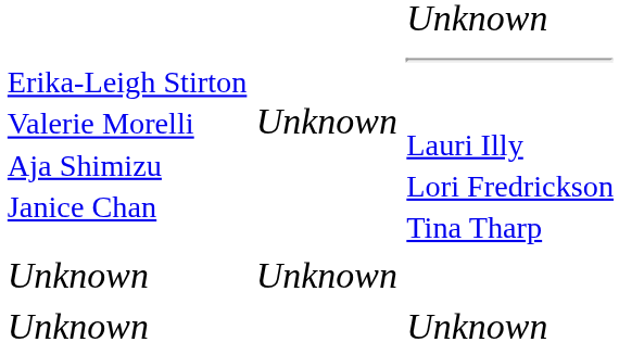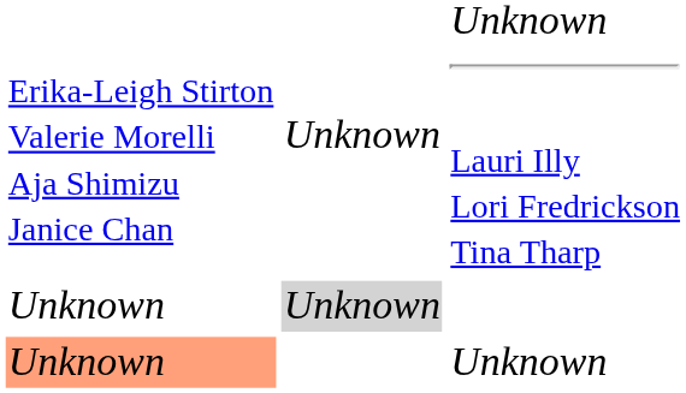 <table>
 <tr>
 <th scope=row style="text-align:left"></th>
 <td><br><small><a href='#'>Erika-Leigh Stirton</a><br><a href='#'>Valerie Morelli</a><br><a href='#'>Aja Shimizu</a><br><a href='#'>Janice Chan</a></small></td>
 <td><em>Unknown</em></td>
 <td><em>Unknown</em><hr><br><small><a href='#'>Lauri Illy</a><br><a href='#'>Lori Fredrickson</a><br><a href='#'>Tina Tharp</a></small></td>
 </tr>
 <tr>
 <th scope=row style="text-align:left"></th>
 <td><em>Unknown</em></td>
-<td><em>Unknown</em></td>
+<td style="background: lightgrey;"><em>Unknown</em></td>
 <td></td>
 </tr>
 <tr>
 <th scope=row style="text-align:left"></th>
-<td><em>Unknown</em></td>
+<td style="background: lightsalmon;"><em>Unknown</em></td>
 <td></td>
 <td><em>Unknown</em></td>
 </tr>
 </table>
